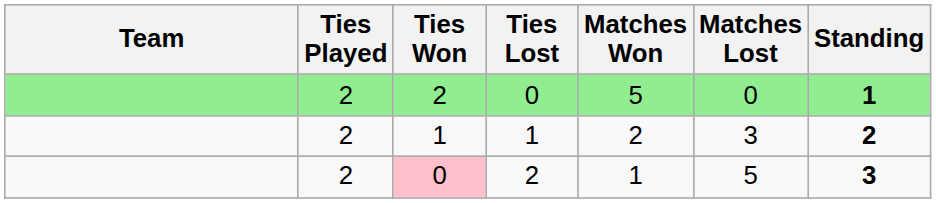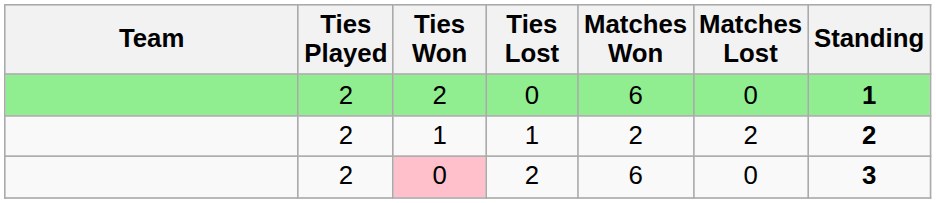 <table class=wikitable style="text-align:center">
 <tr>
 <th width=175>Team</th>
 <th width=50>Ties Played</th>
 <th width=50>Ties Won</th>
 <th width=50>Ties Lost</th>
 <th width=50>Matches Won</th>
 <th width=50>Matches Lost</th>
 <th width=50>Standing</th>
 </tr>
 <tr bgcolor=lightgreen>
 <td style="text-align:left"></td>
 <td>2</td>
 <td>2</td>
 <td>0</td>
-<td>5</td>
+<td>6</td>
 <td>0</td>
 <td><strong>1</strong></td>
 </tr>
 <tr>
 <td style="text-align:left"></td>
 <td>2</td>
 <td>1</td>
 <td>1</td>
 <td>2</td>
-<td>3</td>
+<td>2</td>
 <td><strong>2</strong></td>
 </tr>
 <tr>
 <td style="text-align:left"></td>
 <td>2</td>
 <td style="background: pink;">0</td>
 <td>2</td>
-<td>1</td>
-<td>5</td>
+<td>6</td>
+<td>0</td>
 <td><strong>3</strong></td>
 </tr>
 </table>
